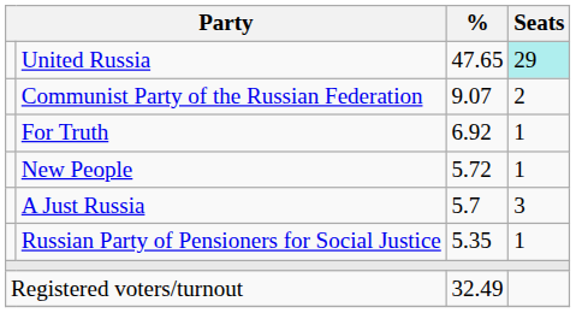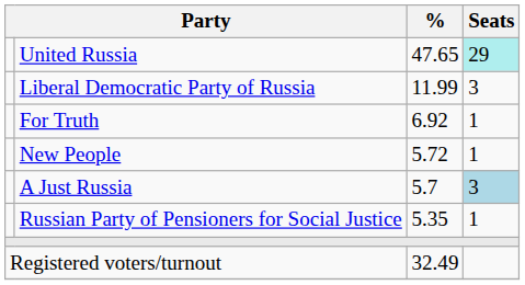 <table class="wikitable">
 <tr>
 <th colspan=2>Party</th>
 <th>%</th>
 <th>Seats</th>
 </tr>
 <tr>
 <td style="background:"></td>
 <td><a href='#'>United Russia</a></td>
 <td>47.65</td>
 <td style="background: paleturquoise;">29</td>
 </tr>
 <tr>
 <td style="background:"></td>
-<td><a href='#'>Communist Party of the Russian Federation</a></td>
-<td>9.07</td>
-<td>2</td>
+<td><a href='#'>Liberal Democratic Party of Russia</a></td>
+<td>11.99</td>
+<td>3</td>
 </tr>
 <tr>
 <td style="background:"></td>
 <td><a href='#'>For Truth</a></td>
 <td>6.92</td>
 <td>1</td>
 </tr>
 <tr>
 <td style="background:"></td>
 <td><a href='#'>New People</a></td>
 <td>5.72</td>
 <td>1</td>
 </tr>
 <tr>
 <td style="background:"></td>
 <td><a href='#'>A Just Russia</a></td>
 <td>5.7</td>
-<td>3</td>
+<td style="background: lightblue;">3</td>
 </tr>
 <tr>
 <td style="background:"></td>
 <td><a href='#'>Russian Party of Pensioners for Social Justice</a></td>
 <td>5.35</td>
 <td>1</td>
 </tr>
 <tr>
 <td colspan=4 style="background:#E9E9E9;"></td>
 </tr>
 <tr>
 <td align=left colspan=2>Registered voters/turnout</td>
 <td>32.49</td>
 <td></td>
 </tr>
 <tr>
 </tr>
 </table>
